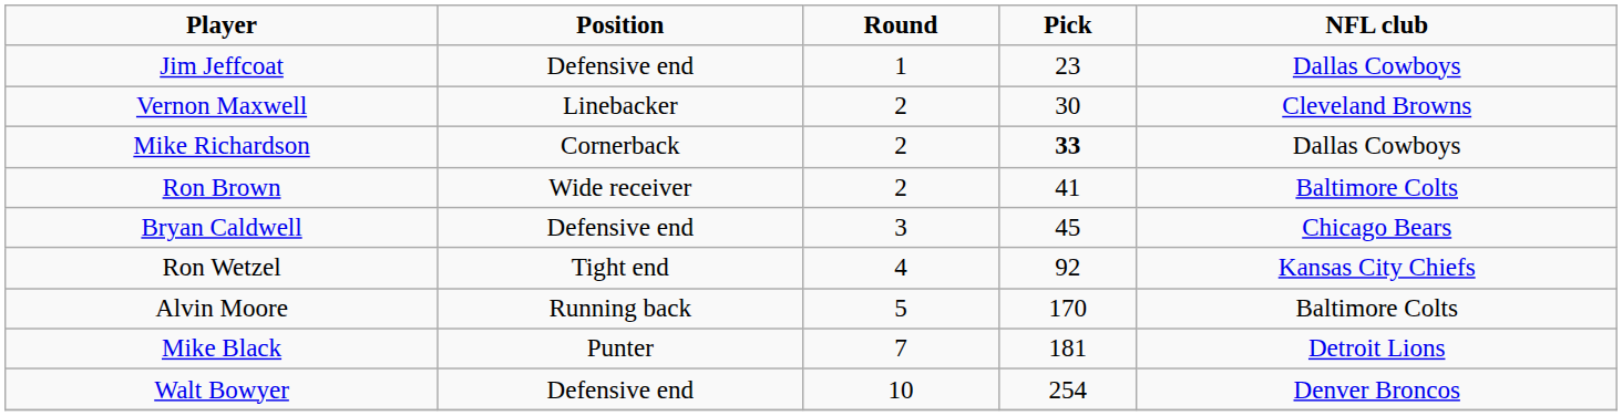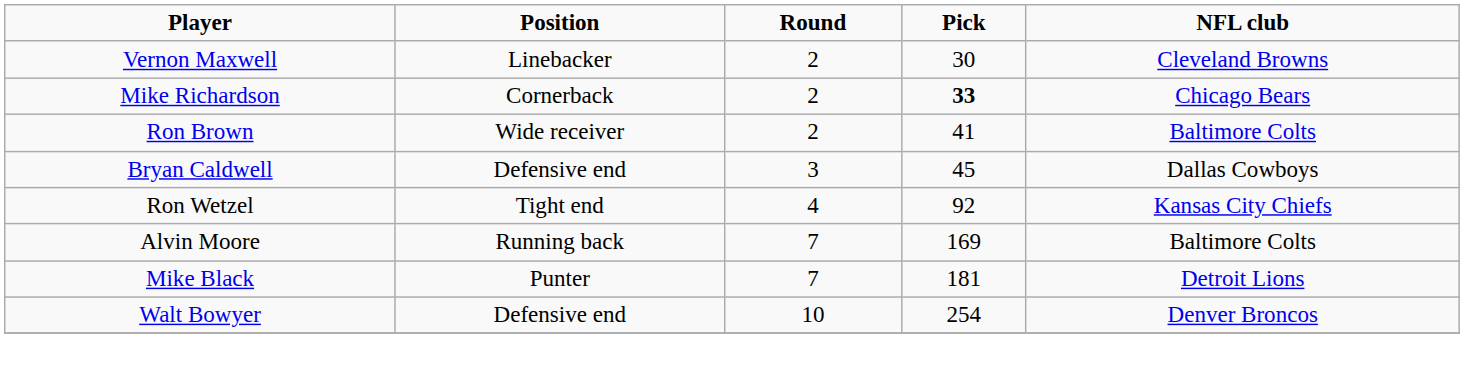 <table class="wikitable" width="80%">
 <tr align="center">
 <td><strong>Player</strong></td>
 <td><strong>Position</strong></td>
 <td><strong>Round</strong></td>
 <td><strong>Pick</strong></td>
 <td><strong>NFL club</strong></td>
-</tr>
-<tr align="center" bgcolor="">
-<td><a href='#'>Jim Jeffcoat</a></td>
-<td>Defensive end</td>
-<td>1</td>
-<td>23</td>
-<td><a href='#'>Dallas Cowboys</a></td>
 </tr>
 <tr align="center" bgcolor="">
 <td><a href='#'>Vernon Maxwell</a></td>
 <td>Linebacker</td>
 <td>2</td>
 <td>30</td>
 <td><a href='#'>Cleveland Browns</a></td>
 </tr>
 <tr align="center" bgcolor="">
 <td><a href='#'>Mike Richardson</a></td>
 <td>Cornerback</td>
 <td>2</td>
 <td><strong>33</strong></td>
-<td>Dallas Cowboys</td>
+<td><a href='#'>Chicago Bears</a></td>
 </tr>
 <tr align="center" bgcolor="">
 <td><a href='#'>Ron Brown</a></td>
 <td>Wide receiver</td>
 <td>2</td>
 <td>41</td>
 <td><a href='#'>Baltimore Colts</a></td>
 </tr>
 <tr align="center" bgcolor="">
 <td><a href='#'>Bryan Caldwell</a></td>
 <td>Defensive end</td>
 <td>3</td>
 <td>45</td>
-<td><a href='#'>Chicago Bears</a></td>
+<td>Dallas Cowboys</td>
 </tr>
 <tr align="center" bgcolor="">
 <td>Ron Wetzel</td>
 <td>Tight end</td>
 <td>4</td>
 <td>92</td>
 <td><a href='#'>Kansas City Chiefs</a></td>
 </tr>
 <tr align="center" bgcolor="">
 <td>Alvin Moore</td>
 <td>Running back</td>
-<td>5</td>
-<td>170</td>
+<td>7</td>
+<td>169</td>
 <td>Baltimore Colts</td>
 </tr>
 <tr align="center" bgcolor="">
 <td><a href='#'>Mike Black</a></td>
 <td>Punter</td>
 <td>7</td>
 <td>181</td>
 <td><a href='#'>Detroit Lions</a></td>
 </tr>
 <tr align="center" bgcolor="">
 <td><a href='#'>Walt Bowyer</a></td>
 <td>Defensive end</td>
 <td>10</td>
 <td>254</td>
 <td><a href='#'>Denver Broncos</a></td>
 </tr>
 <tr align="center" bgcolor="">
 </tr>
 </table>
